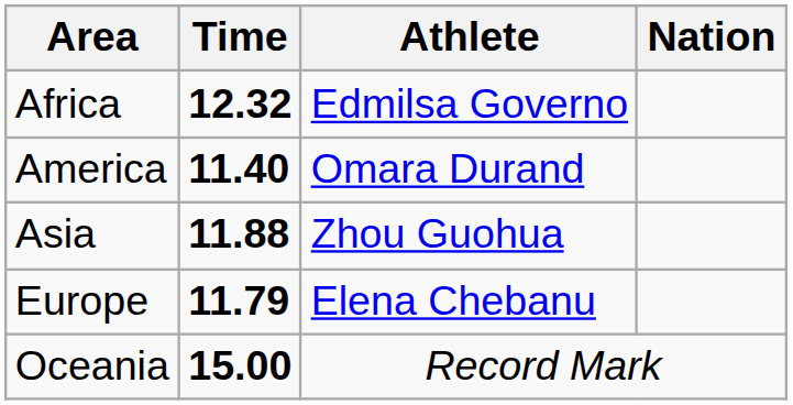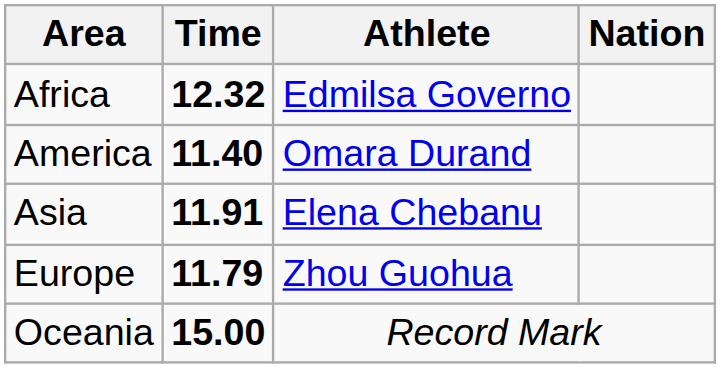 <table class="wikitable">
 <tr>
 <th>Area</th>
 <th>Time</th>
 <th>Athlete</th>
 <th>Nation</th>
 </tr>
 <tr>
 <td>Africa</td>
 <td><strong>12.32</strong></td>
 <td><a href='#'>Edmilsa Governo</a></td>
 <td></td>
 </tr>
 <tr>
 <td>America</td>
 <td><strong>11.40</strong> </td>
 <td><a href='#'>Omara Durand</a></td>
 <td></td>
 </tr>
 <tr>
 <td>Asia</td>
-<td><strong>11.88</strong></td>
-<td><a href='#'>Zhou Guohua</a></td>
+<td><strong>11.91</strong></td>
+<td><a href='#'>Elena Chebanu</a></td>
 <td></td>
 </tr>
 <tr>
 <td>Europe</td>
 <td><strong>11.79</strong></td>
-<td><a href='#'>Elena Chebanu</a></td>
+<td><a href='#'>Zhou Guohua</a></td>
 <td></td>
 </tr>
 <tr>
 <td>Oceania</td>
 <td><strong>15.00</strong></td>
 <td colspan="2" align="center"><em>Record Mark</em></td>
 </tr>
 </table>
